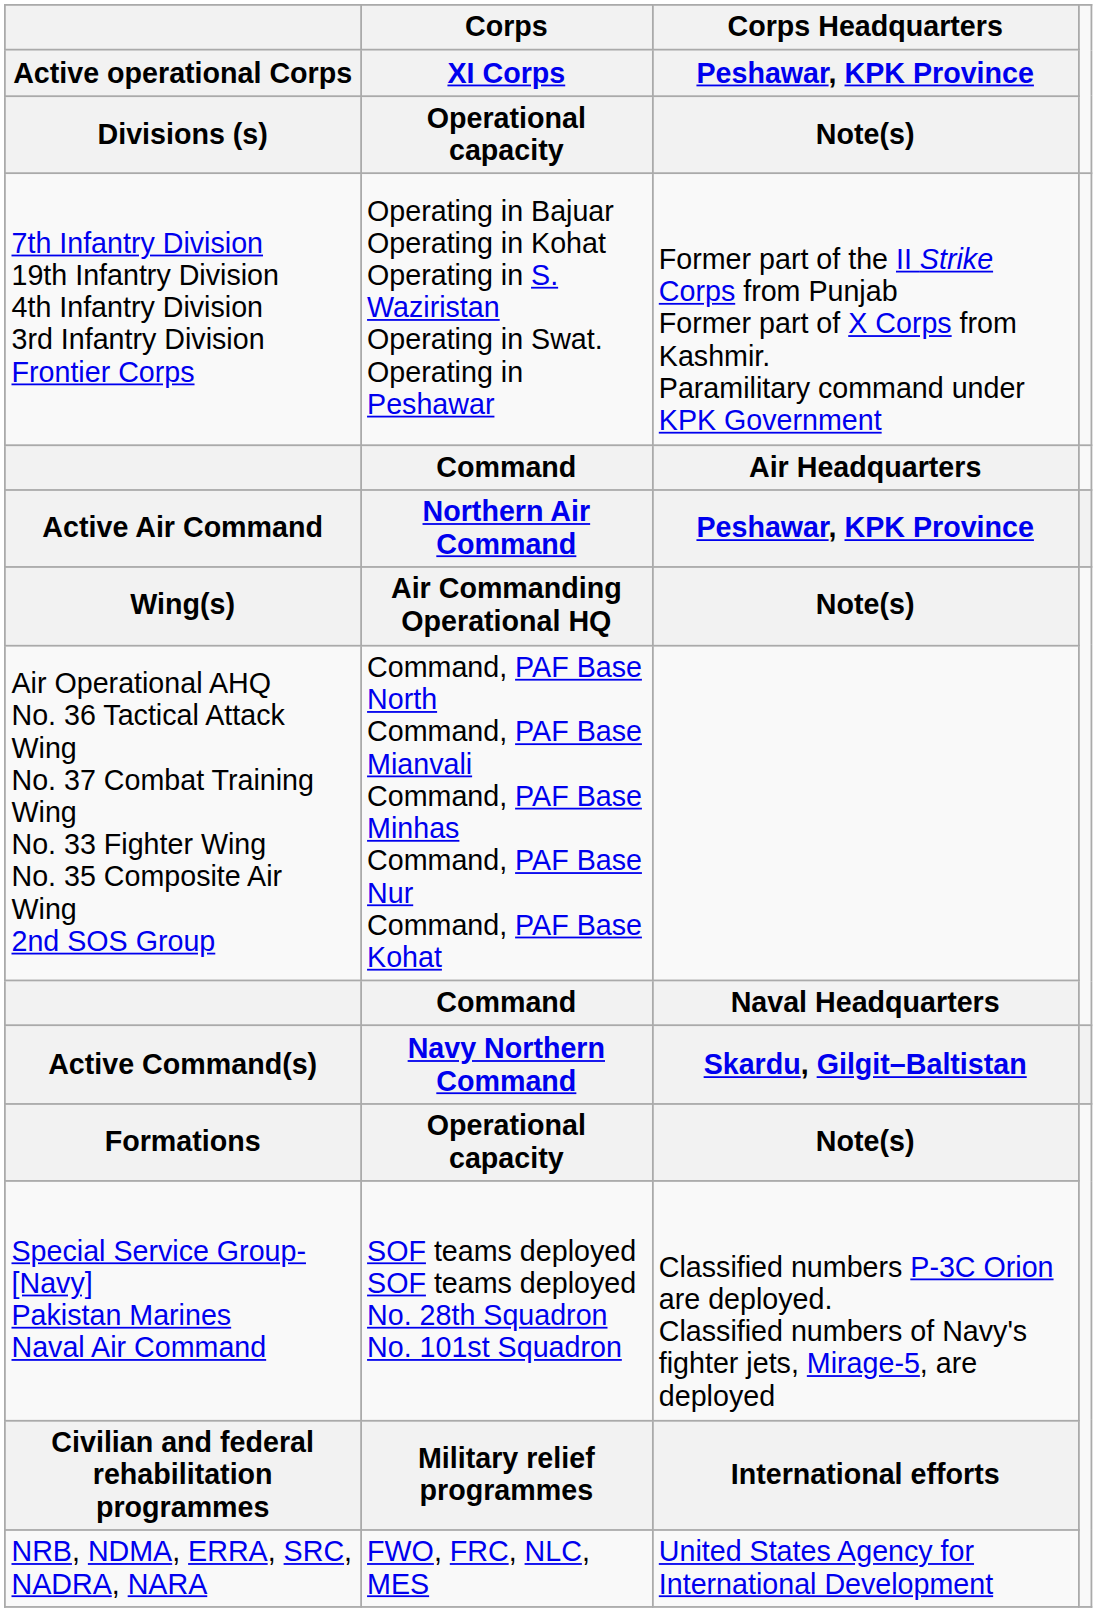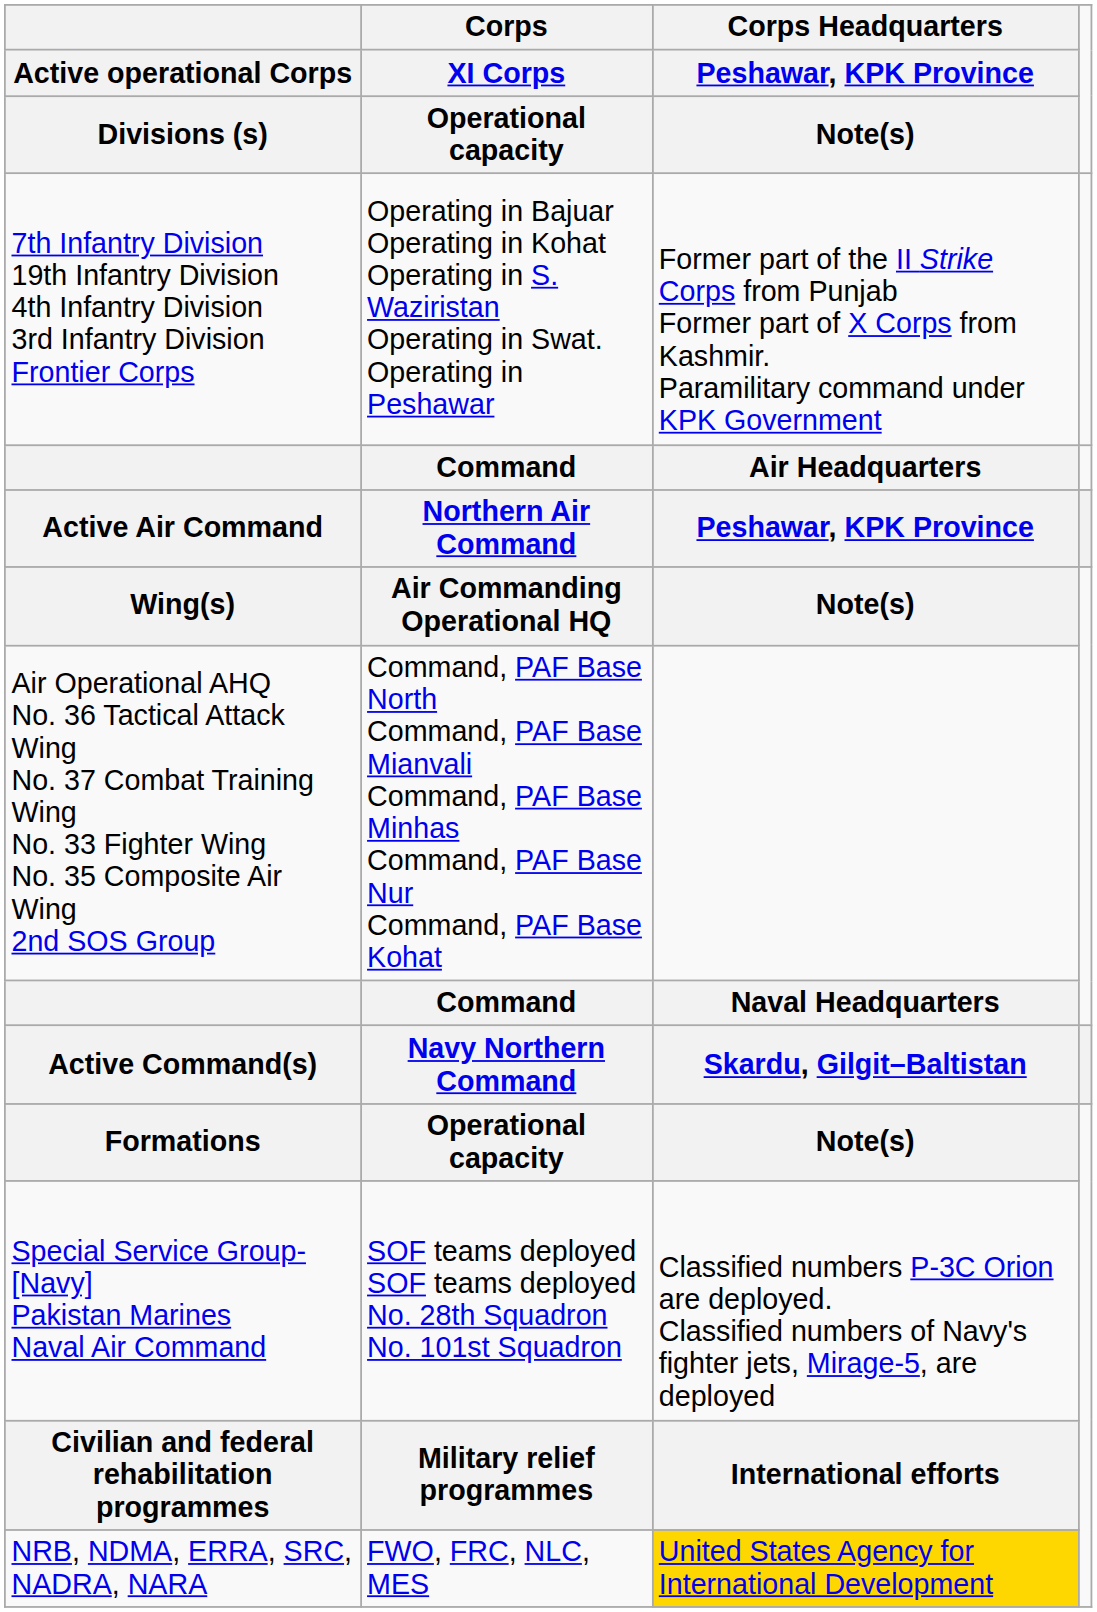 <table class="wikitable sortable">
 <tr>
 <th></th>
 <th>Corps</th>
 <th>Corps Headquarters</th>
 </tr>
 <tr>
 <th>Active operational Corps</th>
 <th><a href='#'>XI Corps</a></th>
 <th><a href='#'>Peshawar</a>, <a href='#'>KPK Province</a></th>
 </tr>
 <tr>
 <th>Divisions (s)</th>
 <th>Operational capacity</th>
 <th>Note(s)</th>
 </tr>
 <tr>
 <td><a href='#'>7th Infantry Division</a><br>19th Infantry Division<br>4th Infantry Division<br>3rd Infantry Division<br><a href='#'>Frontier Corps</a></td>
 <td>Operating in Bajuar<br>Operating in Kohat<br> Operating in <a href='#'>S. Waziristan</a><br> Operating in Swat.<br>Operating in <a href='#'>Peshawar</a></td>
 <td><br><br>Former part of the <a href='#'>II <em>Strike</em> Corps</a> from Punjab<br>Former part of <a href='#'>X Corps</a> from Kashmir.<br>Paramilitary command under <a href='#'>KPK Government</a></td>
 <td></td>
 </tr>
 <tr>
 <th></th>
 <th>Command</th>
 <th>Air Headquarters</th>
 </tr>
 <tr>
 <th>Active Air Command</th>
 <th><a href='#'>Northern Air Command</a></th>
 <th><a href='#'>Peshawar</a>, <a href='#'>KPK Province</a></th>
 <th></th>
 </tr>
 <tr>
 <th>Wing(s)</th>
 <th>Air Commanding Operational HQ</th>
 <th>Note(s)</th>
 </tr>
 <tr>
 <td>Air Operational AHQ<br>No. 36 Tactical Attack Wing<br>No. 37 Combat Training Wing<br>No. 33 Fighter Wing<br>No. 35 Composite Air Wing<br><a href='#'>2nd SOS Group</a></td>
 <td>Command, <a href='#'>PAF Base North</a> <br>Command, <a href='#'>PAF Base Mianvali</a> <br>Command, <a href='#'>PAF Base Minhas</a><br>Command, <a href='#'>PAF Base Nur</a><br>Command, <a href='#'>PAF Base Kohat</a></td>
 <td></td>
 </tr>
 <tr>
 <th></th>
 <th>Command</th>
 <th>Naval Headquarters</th>
 </tr>
 <tr>
 <th>Active Command(s)</th>
 <th><a href='#'>Navy Northern Command</a></th>
 <th><a href='#'>Skardu</a>, <a href='#'>Gilgit–Baltistan</a></th>
 <th></th>
 </tr>
 <tr>
 <th>Formations</th>
 <th>Operational capacity</th>
 <th>Note(s)</th>
 </tr>
 <tr>
 <td><a href='#'>Special Service Group-[Navy]</a><br><a href='#'>Pakistan Marines</a><br><a href='#'>Naval Air Command</a></td>
 <td><a href='#'>SOF</a> teams deployed<br><a href='#'>SOF</a> teams deployed<br><a href='#'>No. 28th Squadron</a><br><a href='#'>No. 101st Squadron</a></td>
 <td><br><br>Classified numbers <a href='#'>P-3C Orion</a> are deployed.<br>Classified numbers of Navy's fighter jets, <a href='#'>Mirage-5</a>, are deployed</td>
 </tr>
 <tr>
 <th>Civilian  and federal rehabilitation programmes</th>
 <th>Military relief programmes</th>
 <th>International efforts</th>
 </tr>
 <tr>
 <td><a href='#'>NRB</a>, <a href='#'>NDMA</a>,  <a href='#'>ERRA</a>, <a href='#'>SRC</a>, <a href='#'>NADRA</a>, <a href='#'>NARA</a></td>
 <td><a href='#'>FWO</a>, <a href='#'>FRC</a>, <a href='#'>NLC</a>, <a href='#'>MES</a></td>
-<td><a href='#'>United States Agency for International Development</a></td>
+<td style="background: gold;"><a href='#'>United States Agency for International Development</a></td>
 </tr>
 </table>
